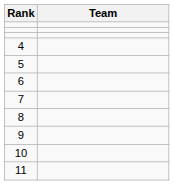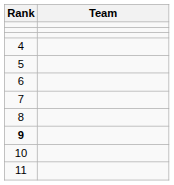 <table class="wikitable" style="text-align: center;">
 <tr>
 <th width=40>Rank</th>
 <th width=180>Team</th>
 </tr>
 <tr>
 <td></td>
 <td style="text-align:left;"></td>
 </tr>
 <tr>
 <td></td>
 <td style="text-align:left;"></td>
 </tr>
 <tr>
 <td></td>
 <td style="text-align:left;"></td>
 </tr>
 <tr>
 <td>4</td>
 <td style="text-align:left;"></td>
 </tr>
 <tr>
 <td>5</td>
 <td style="text-align:left;"></td>
 </tr>
 <tr>
 <td>6</td>
 <td style="text-align:left;"></td>
 </tr>
 <tr>
 <td>7</td>
 <td style="text-align:left;"></td>
 </tr>
 <tr>
 <td>8</td>
 <td style="text-align:left;"></td>
 </tr>
 <tr>
-<td>9</td>
+<td><strong>9</strong></td>
 <td style="text-align:left;"></td>
 </tr>
 <tr>
 <td>10</td>
 <td style="text-align:left;"></td>
 </tr>
 <tr>
 <td>11</td>
 <td style="text-align:left;"></td>
 </tr>
 </table>
